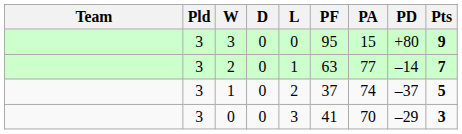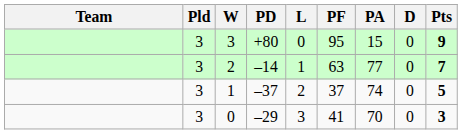 <table class="wikitable" style="text-align:center;">
 <tr>
 <th width=175>Team</th>
 <th width=25 abbr="Played">Pld</th>
 <th width=25 abbr="Won">W</th>
-<th width=25 abbr="Drawn">D</th>
+<th width=32 abbr="Points difference">PD</th>
 <th width=25 abbr="Lost">L</th>
 <th width=32 abbr="Points for">PF</th>
 <th width=32 abbr="Points against">PA</th>
-<th width=32 abbr="Points difference">PD</th>
+<th width=25 abbr="Drawn">D</th>
 <th width=25 abbr="Points">Pts</th>
 </tr>
 <tr bgcolor=ccffcc>
 <td align=left></td>
 <td>3</td>
 <td>3</td>
-<td>0</td>
+<td>+80</td>
 <td>0</td>
 <td>95</td>
 <td>15</td>
-<td>+80</td>
+<td>0</td>
 <td><strong>9</strong></td>
 </tr>
 <tr bgcolor=ccffcc>
 <td align=left></td>
 <td>3</td>
 <td>2</td>
-<td>0</td>
+<td>–14</td>
 <td>1</td>
 <td>63</td>
 <td>77</td>
-<td>–14</td>
+<td>0</td>
 <td><strong>7</strong></td>
 </tr>
 <tr>
 <td align=left></td>
 <td>3</td>
 <td>1</td>
-<td>0</td>
+<td>–37</td>
 <td>2</td>
 <td>37</td>
 <td>74</td>
-<td>–37</td>
+<td>0</td>
 <td><strong>5</strong></td>
 </tr>
 <tr>
 <td align=left></td>
 <td>3</td>
 <td>0</td>
-<td>0</td>
+<td>–29</td>
 <td>3</td>
 <td>41</td>
 <td>70</td>
-<td>–29</td>
+<td>0</td>
 <td><strong>3</strong></td>
 </tr>
 </table>
